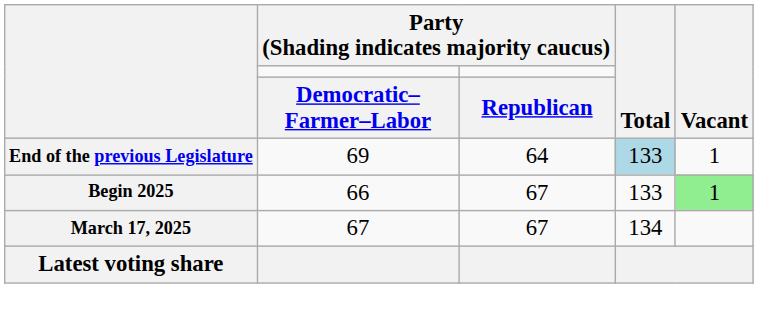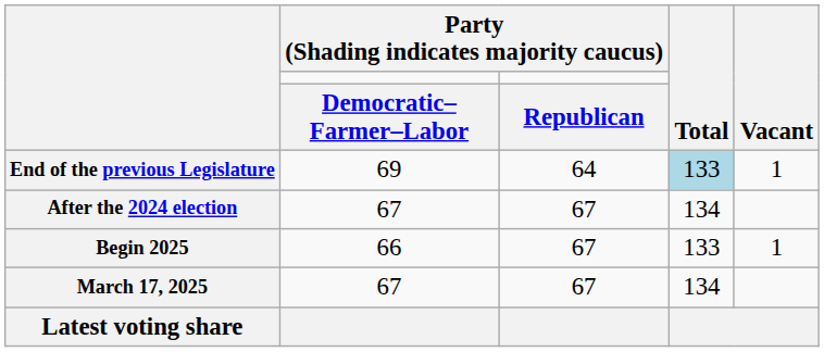 <table class=wikitable style="text-align:center">
 <tr style="vertical-align:bottom;">
 <th rowspan="3"></th>
 <th colspan=2>Party <div>(Shading indicates majority caucus)</div></th>
 <th rowspan="3">Total</th>
 <th rowspan="3">Vacant</th>
 </tr>
 <tr>
 <td style="background-color:"></td>
 <td style="background-color:"></td>
 </tr>
 <tr>
 <th><a href='#'>Democratic–<br>Farmer–Labor</a></th>
 <th><a href='#'>Republican</a></th>
 </tr>
 <tr>
 <th nowrap="" style="font-size:80%">End of the <a href='#'>previous Legislature</a></th>
 <td>69</td>
 <td>64</td>
 <td style="background: lightblue;">133</td>
 <td>1</td>
 </tr>
 <tr>
+<th nowrap="" style="font-size:80%">After the <a href='#'>2024 election</a></th>
+<td>67</td>
+<td>67</td>
+<td>134</td>
+<td></td>
+</tr>
+<tr>
 <th nowrap="" style="font-size:80%">Begin 2025</th>
 <td>66</td>
 <td>67</td>
 <td>133</td>
-<td style="background: lightgreen;">1</td>
+<td>1</td>
 </tr>
 <tr>
 <th nowrap="" style="font-size:80%">March 17, 2025</th>
 <td>67</td>
 <td>67</td>
 <td>134</td>
 <td></td>
 </tr>
 <tr>
 <th>Latest voting share</th>
 <th></th>
 <th></th>
 <th colspan=2></th>
 </tr>
 </table>
